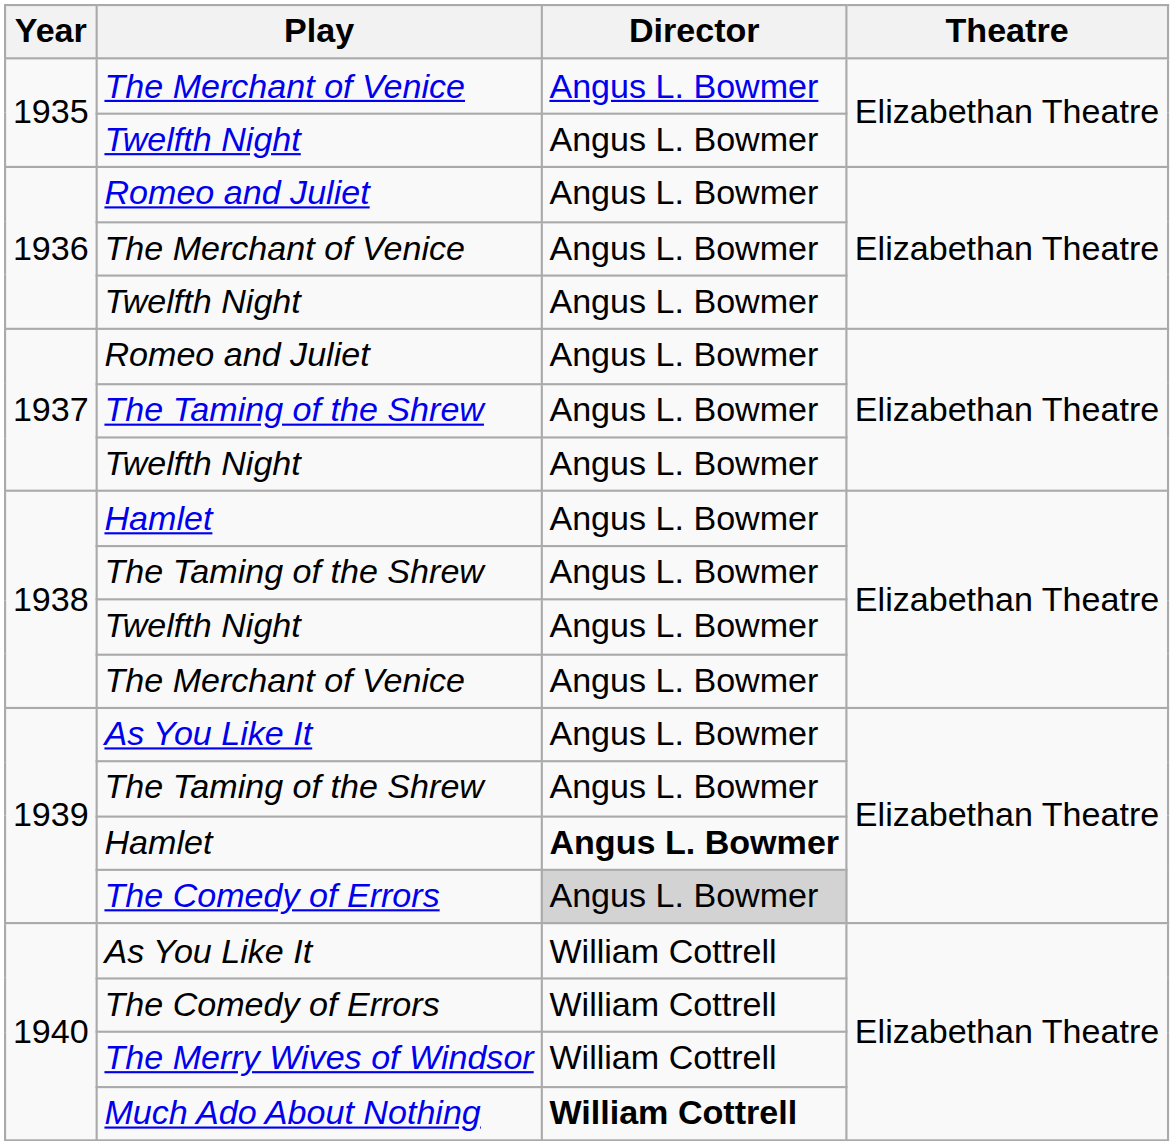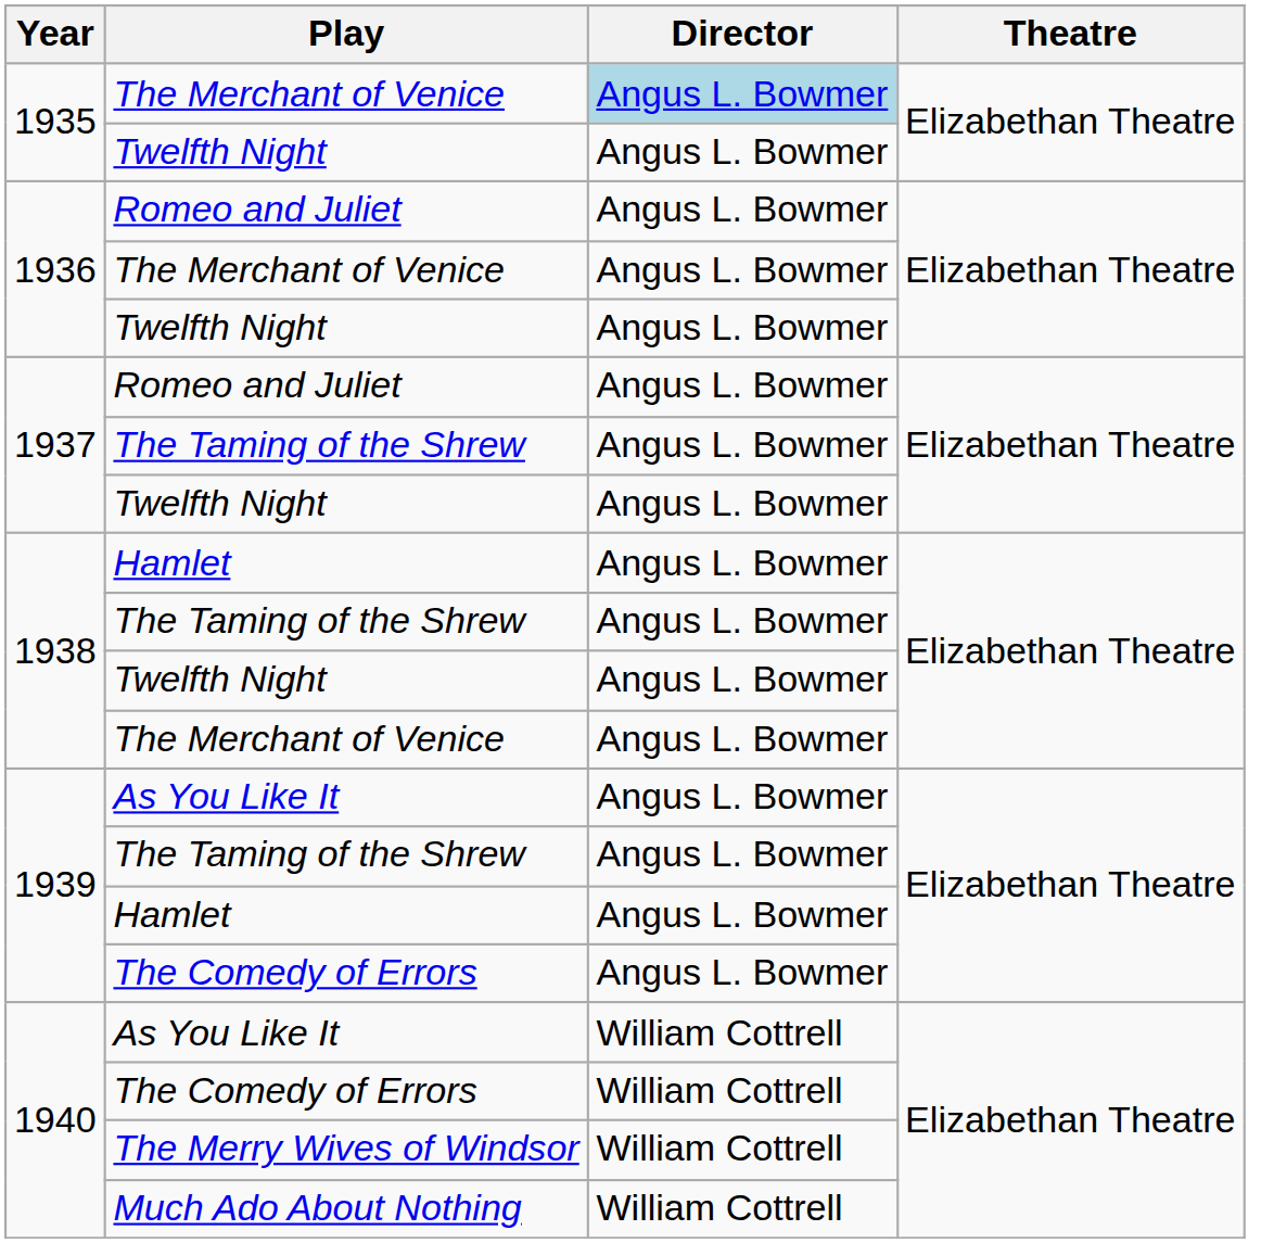 <table class="wikitable mw-collapsible">
 <tr>
 <th>Year</th>
 <th>Play</th>
 <th>Director</th>
 <th>Theatre</th>
 </tr>
 <tr>
 <td rowspan="2">1935</td>
 <td><em><a href='#'>The Merchant of Venice</a></em></td>
-<td><a href='#'>Angus L. Bowmer</a></td>
+<td style="background: lightblue;"><a href='#'>Angus L. Bowmer</a></td>
 <td rowspan="2">Elizabethan Theatre</td>
 </tr>
 <tr>
 <td><em><a href='#'>Twelfth Night</a></em></td>
 <td>Angus L. Bowmer</td>
 </tr>
 <tr>
 <td rowspan="3">1936</td>
 <td><em><a href='#'>Romeo and Juliet</a></em></td>
 <td>Angus L. Bowmer</td>
 <td rowspan="3">Elizabethan Theatre</td>
 </tr>
 <tr>
 <td><em>The Merchant of Venice</em></td>
 <td>Angus L. Bowmer</td>
 </tr>
 <tr>
 <td><em>Twelfth Night</em></td>
 <td>Angus L. Bowmer</td>
 </tr>
 <tr>
 <td rowspan="3">1937</td>
 <td><em>Romeo and Juliet</em></td>
 <td>Angus L. Bowmer</td>
 <td rowspan="3">Elizabethan Theatre</td>
 </tr>
 <tr>
 <td><em><a href='#'>The Taming of the Shrew</a></em></td>
 <td>Angus L. Bowmer</td>
 </tr>
 <tr>
 <td><em>Twelfth Night</em></td>
 <td>Angus L. Bowmer</td>
 </tr>
 <tr>
 <td rowspan="4">1938</td>
 <td><em><a href='#'>Hamlet</a></em></td>
 <td>Angus L. Bowmer</td>
 <td rowspan="4">Elizabethan Theatre</td>
 </tr>
 <tr>
 <td><em>The Taming of the Shrew</em></td>
 <td>Angus L. Bowmer</td>
 </tr>
 <tr>
 <td><em>Twelfth Night</em></td>
 <td>Angus L. Bowmer</td>
 </tr>
 <tr>
 <td><em>The Merchant of Venice</em></td>
 <td>Angus L. Bowmer</td>
 </tr>
 <tr>
 <td rowspan="4">1939</td>
 <td><em><a href='#'>As You Like It</a></em></td>
 <td>Angus L. Bowmer</td>
 <td rowspan="4">Elizabethan Theatre</td>
 </tr>
 <tr>
 <td><em>The Taming of the Shrew</em></td>
 <td>Angus L. Bowmer</td>
 </tr>
 <tr>
 <td><em>Hamlet</em></td>
-<td><strong>Angus L. Bowmer</strong></td>
+<td>Angus L. Bowmer</td>
 </tr>
 <tr>
 <td><em><a href='#'>The Comedy of Errors</a></em></td>
-<td style="background: lightgrey;">Angus L. Bowmer</td>
+<td>Angus L. Bowmer</td>
 </tr>
 <tr>
 <td rowspan="4">1940</td>
 <td><em>As You Like It</em></td>
 <td>William Cottrell</td>
 <td rowspan="4">Elizabethan Theatre</td>
 </tr>
 <tr>
 <td><em>The Comedy of Errors</em></td>
 <td>William Cottrell</td>
 </tr>
 <tr>
 <td><em><a href='#'>The Merry Wives of Windsor</a></em></td>
 <td>William Cottrell</td>
 </tr>
 <tr>
 <td><em><a href='#'>Much Ado About Nothing</a></em></td>
-<td><strong>William Cottrell</strong></td>
+<td>William Cottrell</td>
 </tr>
 </table>
